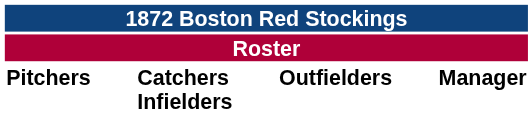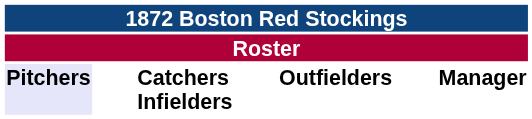 <table class="toccolours" style="font-size: 95%;">
 <tr>
 <th colspan="10" style="background-color: #0f437c; color: #FFFFFF; text-align: center;">1872 Boston Red Stockings</th>
 </tr>
 <tr>
 <td colspan="10" style="background-color:#af0039; color: white; text-align: center;"><strong>Roster</strong></td>
 </tr>
 <tr>
-<td valign="top"><strong>Pitchers</strong><br> </td>
+<td valign="top" style="background: lavender;"><strong>Pitchers</strong><br> </td>
 <td width="25px"></td>
 <td valign="top"><strong>Catchers</strong><br> <strong>Infielders</strong>    </td>
 <td width="25px"></td>
 <td valign="top"><strong>Outfielders</strong><br>   </td>
 <td width="25px"></td>
 <td valign="top"><strong>Manager</strong><br></td>
 </tr>
 </table>
